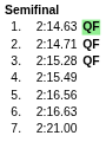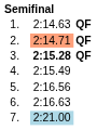 <table style="text-align:center">
 <tr>
 <td colspan=4 align=left><strong>Semifinal</strong></td>
 </tr>
 <tr>
 <td width=30>1.</td>
 <td align=left></td>
 <td width=60>2:14.63</td>
-<td style="background: lightgreen;"><strong>QF</strong></td>
+<td><strong>QF</strong></td>
 </tr>
 <tr>
 <td>2.</td>
 <td align=left></td>
-<td>2:14.71</td>
+<td style="background: lightsalmon;">2:14.71</td>
 <td><strong>QF</strong></td>
 </tr>
 <tr>
 <td>3.</td>
 <td align=left></td>
-<td>2:15.28</td>
+<td><strong>2:15.28</strong></td>
 <td><strong>QF</strong></td>
 </tr>
 <tr>
 <td>4.</td>
 <td align=left></td>
 <td>2:15.49</td>
 <td></td>
 </tr>
 <tr>
 <td>5.</td>
 <td align=left></td>
 <td>2:16.56</td>
 <td></td>
 </tr>
 <tr>
 <td>6.</td>
 <td align=left></td>
 <td>2:16.63</td>
 <td></td>
 </tr>
 <tr>
 <td>7.</td>
 <td align=left></td>
-<td>2:21.00</td>
+<td style="background: lightblue;">2:21.00</td>
 <td></td>
 </tr>
 </table>
